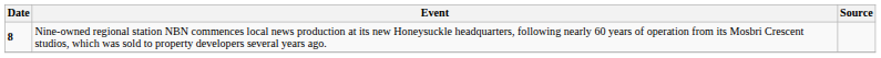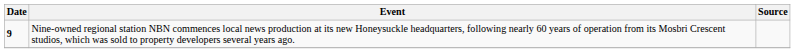 <table class="wikitable">
 <tr>
 <th>Date</th>
 <th>Event</th>
 <th>Source</th>
 </tr>
 <tr>
-<td><strong>8</strong></td>
+<td><strong>9</strong></td>
 <td>Nine-owned regional station NBN commences local news production at its new Honeysuckle headquarters, following nearly 60 years of operation from its Mosbri Crescent studios, which was sold to property developers several years ago.</td>
 <td></td>
 </tr>
 <tr>
 </tr>
 </table>
